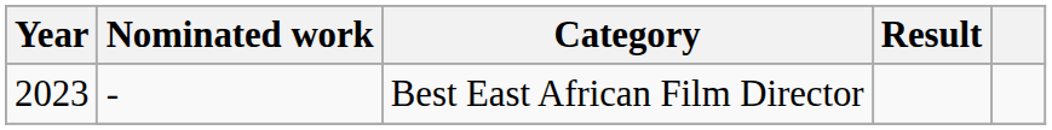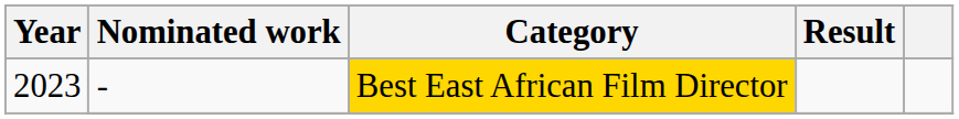 <table class="wikitable sortable">
 <tr>
 <th>Year</th>
 <th>Nominated work</th>
 <th>Category</th>
 <th>Result</th>
 <th scope="col" style="width:1em;"></th>
 </tr>
 <tr>
 <td rowspan="2">2023</td>
 <td>-</td>
-<td>Best East African Film Director</td>
+<td style="background: gold;">Best East African Film Director</td>
 <td></td>
 <td></td>
 </tr>
 <tr>
 </tr>
 </table>
